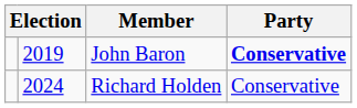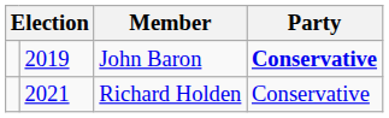 <table class="wikitable">
 <tr>
 <th colspan="2">Election</th>
 <th>Member</th>
 <th>Party</th>
 </tr>
 <tr>
 <td style="color:inherit;background-color: "></td>
 <td><a href='#'>2019</a></td>
 <td><a href='#'>John Baron</a></td>
 <td><strong><a href='#'>Conservative</a></strong></td>
 </tr>
 <tr>
 <td style="color:inherit;background-color: "></td>
-<td><a href='#'>2024</a></td>
+<td><a href='#'>2021</a></td>
 <td><a href='#'>Richard Holden</a></td>
 <td><a href='#'>Conservative</a></td>
 </tr>
 </table>
